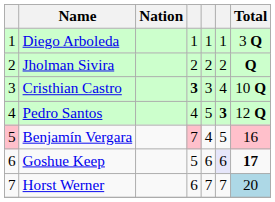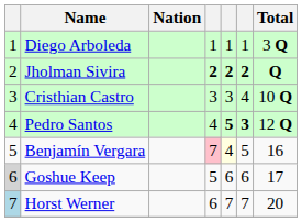 <table class="wikitable" style="text-align:center">
 <tr>
 <th></th>
 <th>Name</th>
 <th>Nation</th>
 <th></th>
 <th></th>
 <th></th>
 <th>Total</th>
 </tr>
 <tr bgcolor=ccffcc>
 <td>1</td>
 <td align=left><a href='#'>Diego Arboleda</a></td>
 <td align=left></td>
 <td>1</td>
 <td>1</td>
 <td>1</td>
 <td>3 <strong>Q</strong></td>
 </tr>
 <tr bgcolor=ccffcc>
 <td>2</td>
 <td align=left><a href='#'>Jholman Sivira</a></td>
 <td align=left></td>
-<td>2</td>
-<td>2</td>
-<td>2</td>
+<td><strong>2</strong></td>
+<td><strong>2</strong></td>
+<td><strong>2</strong></td>
 <td><strong>Q</strong></td>
 </tr>
 <tr bgcolor=ccffcc>
 <td>3</td>
 <td align=left><a href='#'>Cristhian Castro</a></td>
 <td align=left></td>
-<td><strong>3</strong></td>
+<td>3</td>
 <td>3</td>
 <td>4</td>
 <td>10 <strong>Q</strong></td>
 </tr>
 <tr bgcolor=ccffcc>
 <td>4</td>
 <td align=left><a href='#'>Pedro Santos</a></td>
 <td align=left></td>
 <td>4</td>
-<td>5</td>
+<td><strong>5</strong></td>
 <td><strong>3</strong></td>
 <td>12 <strong>Q</strong></td>
 </tr>
 <tr>
-<td style="background: pink;">5</td>
+<td>5</td>
 <td align=left><a href='#'>Benjamín Vergara</a></td>
 <td align=left></td>
 <td style="background: pink;">7</td>
-<td>4</td>
+<td style="background: lightyellow;">4</td>
 <td>5</td>
-<td style="background: pink;">16</td>
+<td>16</td>
 </tr>
 <tr>
-<td>6</td>
+<td style="background: lightgrey;">6</td>
 <td align=left><a href='#'>Goshue Keep</a></td>
 <td align=left></td>
 <td>5</td>
 <td>6</td>
-<td style="background: lavender;">6</td>
-<td><strong>17</strong></td>
+<td>6</td>
+<td>17</td>
 </tr>
 <tr>
-<td>7</td>
+<td style="background: lightblue;">7</td>
 <td align=left><a href='#'>Horst Werner</a></td>
 <td align=left></td>
 <td>6</td>
 <td>7</td>
 <td>7</td>
-<td style="background: lightblue;">20</td>
+<td>20</td>
 </tr>
 <tr>
 </tr>
 </table>
